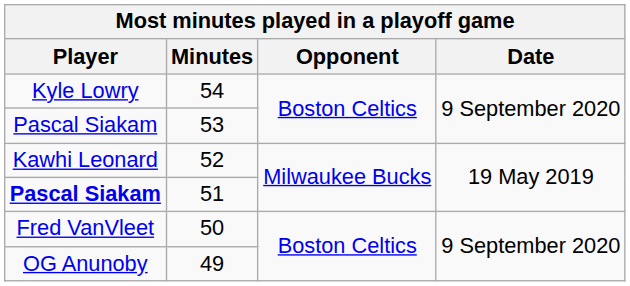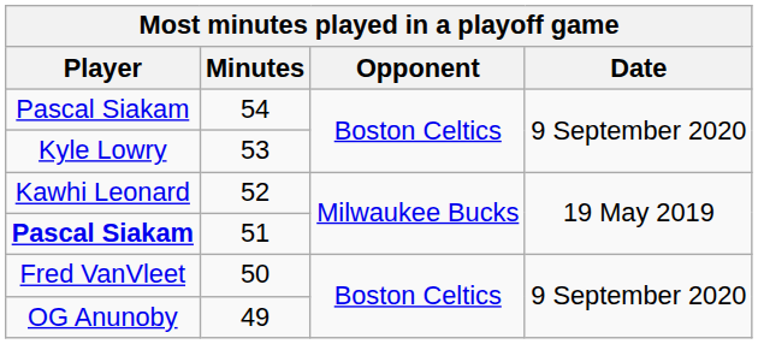 <table class="wikitable" style="text-align:center">
 <tr>
 <th colspan="4">Most minutes played in a playoff game</th>
 </tr>
 <tr>
 <th>Player</th>
 <th>Minutes</th>
 <th>Opponent</th>
 <th>Date</th>
 </tr>
 <tr>
-<td><a href='#'>Kyle Lowry</a></td>
+<td><a href='#'>Pascal Siakam</a></td>
 <td>54</td>
 <td rowspan=2><a href='#'>Boston Celtics</a></td>
 <td rowspan=2>9 September 2020</td>
 </tr>
 <tr>
-<td><a href='#'>Pascal Siakam</a></td>
+<td><a href='#'>Kyle Lowry</a></td>
 <td>53</td>
 </tr>
 <tr>
 <td><a href='#'>Kawhi Leonard</a></td>
 <td>52</td>
 <td rowspan=2><a href='#'>Milwaukee Bucks</a></td>
 <td rowspan=2>19 May 2019</td>
 </tr>
 <tr>
 <td><strong><a href='#'>Pascal Siakam</a></strong></td>
 <td>51</td>
 </tr>
 <tr>
 <td><a href='#'>Fred VanVleet</a></td>
 <td>50</td>
 <td rowspan=2><a href='#'>Boston Celtics</a></td>
 <td rowspan=2>9 September 2020</td>
 </tr>
 <tr>
 <td><a href='#'>OG Anunoby</a></td>
 <td>49</td>
 </tr>
 </table>
